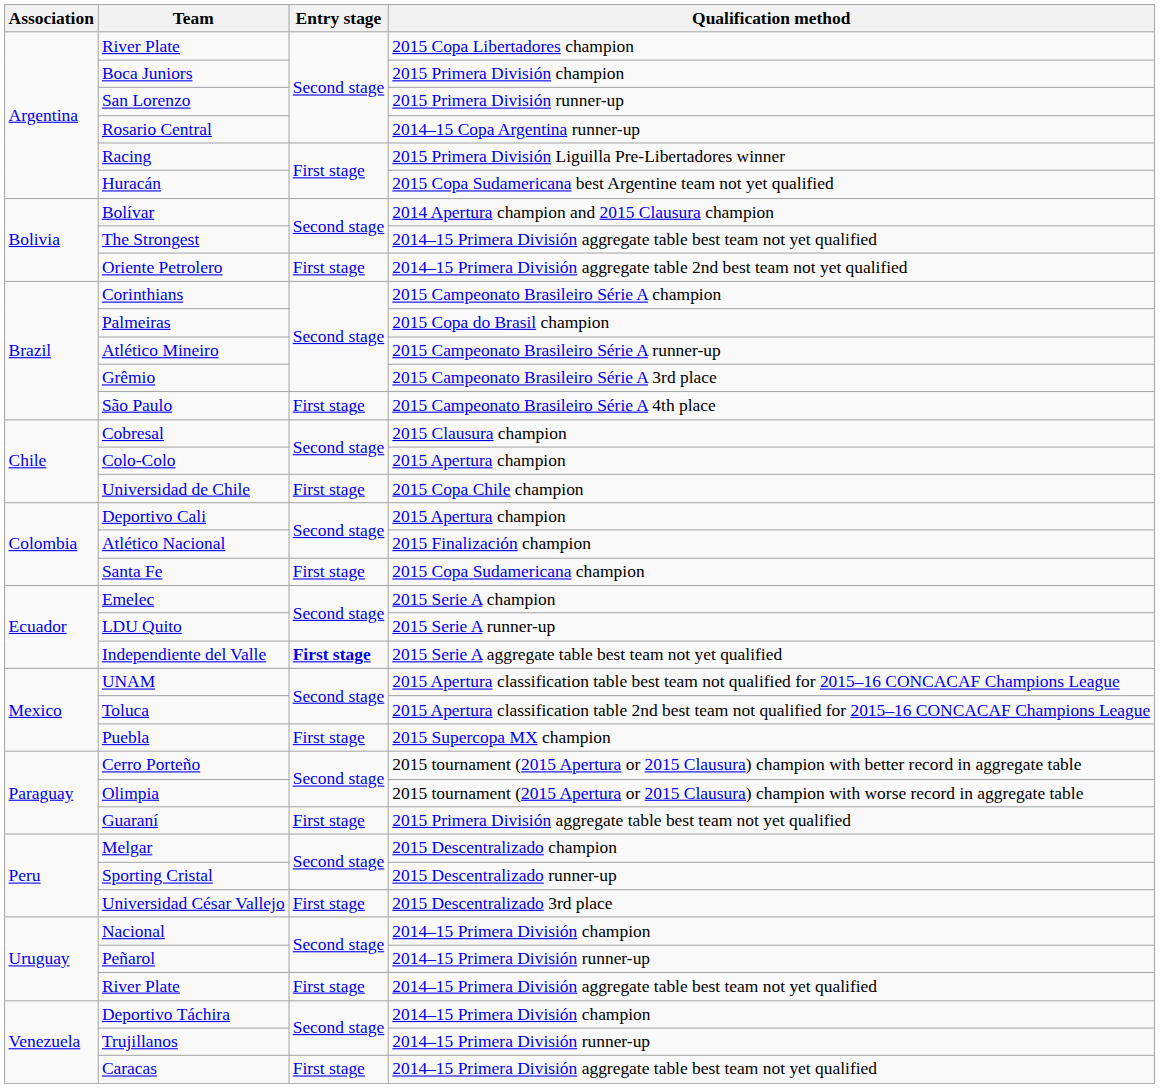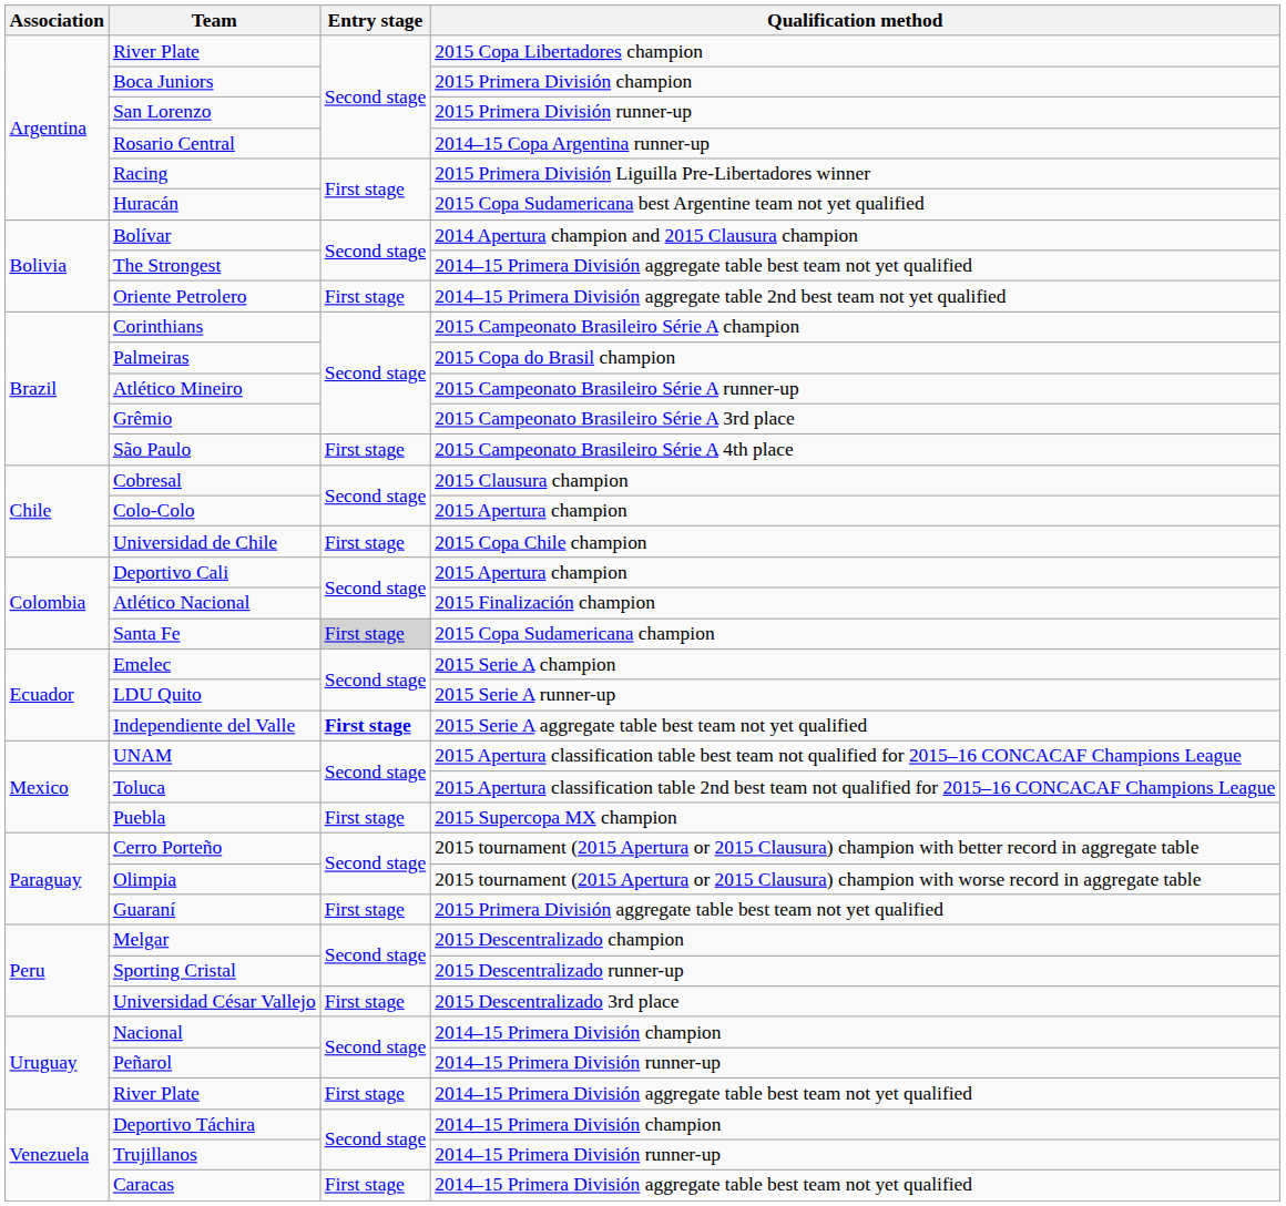 <table class="wikitable">
 <tr>
 <th>Association</th>
 <th>Team </th>
 <th>Entry stage</th>
 <th>Qualification method</th>
 </tr>
 <tr>
 <td rowspan=6> <a href='#'>Argentina</a><br></td>
 <td><a href='#'>River Plate</a> </td>
 <td rowspan=4><a href='#'>Second stage</a></td>
 <td><a href='#'>2015 Copa Libertadores</a> champion</td>
 </tr>
 <tr>
 <td><a href='#'>Boca Juniors</a> </td>
 <td><a href='#'>2015 Primera División</a> champion</td>
 </tr>
 <tr>
 <td><a href='#'>San Lorenzo</a> </td>
 <td><a href='#'>2015 Primera División</a> runner-up</td>
 </tr>
 <tr>
 <td><a href='#'>Rosario Central</a> </td>
 <td><a href='#'>2014–15 Copa Argentina</a> runner-up</td>
 </tr>
 <tr>
 <td><a href='#'>Racing</a> </td>
 <td rowspan=2><a href='#'>First stage</a></td>
 <td><a href='#'>2015 Primera División</a> Liguilla Pre-Libertadores winner</td>
 </tr>
 <tr>
 <td><a href='#'>Huracán</a> </td>
 <td><a href='#'>2015 Copa Sudamericana</a> best Argentine team not yet qualified</td>
 </tr>
 <tr>
 <td rowspan=3> <a href='#'>Bolivia</a><br></td>
 <td><a href='#'>Bolívar</a> </td>
 <td rowspan=2><a href='#'>Second stage</a></td>
 <td><a href='#'>2014 Apertura</a> champion and <a href='#'>2015 Clausura</a> champion</td>
 </tr>
 <tr>
 <td><a href='#'>The Strongest</a> </td>
 <td><a href='#'>2014–15 Primera División</a> aggregate table best team not yet qualified</td>
 </tr>
 <tr>
 <td><a href='#'>Oriente Petrolero</a> </td>
 <td><a href='#'>First stage</a></td>
 <td><a href='#'>2014–15 Primera División</a> aggregate table 2nd best team not yet qualified</td>
 </tr>
 <tr>
 <td rowspan=5> <a href='#'>Brazil</a><br></td>
 <td><a href='#'>Corinthians</a> </td>
 <td rowspan=4><a href='#'>Second stage</a></td>
 <td><a href='#'>2015 Campeonato Brasileiro Série A</a> champion</td>
 </tr>
 <tr>
 <td><a href='#'>Palmeiras</a> </td>
 <td><a href='#'>2015 Copa do Brasil</a> champion</td>
 </tr>
 <tr>
 <td><a href='#'>Atlético Mineiro</a> </td>
 <td><a href='#'>2015 Campeonato Brasileiro Série A</a> runner-up</td>
 </tr>
 <tr>
 <td><a href='#'>Grêmio</a> </td>
 <td><a href='#'>2015 Campeonato Brasileiro Série A</a> 3rd place</td>
 </tr>
 <tr>
 <td><a href='#'>São Paulo</a> </td>
 <td><a href='#'>First stage</a></td>
 <td><a href='#'>2015 Campeonato Brasileiro Série A</a> 4th place</td>
 </tr>
 <tr>
 <td rowspan=3> <a href='#'>Chile</a><br></td>
 <td><a href='#'>Cobresal</a> </td>
 <td rowspan=2><a href='#'>Second stage</a></td>
 <td><a href='#'>2015 Clausura</a> champion</td>
 </tr>
 <tr>
 <td><a href='#'>Colo-Colo</a> </td>
 <td><a href='#'>2015 Apertura</a> champion</td>
 </tr>
 <tr>
 <td><a href='#'>Universidad de Chile</a> </td>
 <td><a href='#'>First stage</a></td>
 <td><a href='#'>2015 Copa Chile</a> champion</td>
 </tr>
 <tr>
 <td rowspan=3> <a href='#'>Colombia</a><br></td>
 <td><a href='#'>Deportivo Cali</a> </td>
 <td rowspan=2><a href='#'>Second stage</a></td>
 <td><a href='#'>2015 Apertura</a> champion</td>
 </tr>
 <tr>
 <td><a href='#'>Atlético Nacional</a> </td>
 <td><a href='#'>2015 Finalización</a> champion</td>
 </tr>
 <tr>
 <td><a href='#'>Santa Fe</a> </td>
-<td><a href='#'>First stage</a></td>
+<td style="background: lightgrey;"><a href='#'>First stage</a></td>
 <td><a href='#'>2015 Copa Sudamericana</a> champion</td>
 </tr>
 <tr>
 <td rowspan=3> <a href='#'>Ecuador</a><br></td>
 <td><a href='#'>Emelec</a> </td>
 <td rowspan=2><a href='#'>Second stage</a></td>
 <td><a href='#'>2015 Serie A</a> champion</td>
 </tr>
 <tr>
 <td><a href='#'>LDU Quito</a> </td>
 <td><a href='#'>2015 Serie A</a> runner-up</td>
 </tr>
 <tr>
 <td><a href='#'>Independiente del Valle</a> </td>
 <td><strong><a href='#'>First stage</a></strong></td>
 <td><a href='#'>2015 Serie A</a> aggregate table best team not yet qualified</td>
 </tr>
 <tr>
 <td rowspan=3> <a href='#'>Mexico</a><br></td>
 <td><a href='#'>UNAM</a> </td>
 <td rowspan=2><a href='#'>Second stage</a></td>
 <td><a href='#'>2015 Apertura</a> classification table best team not qualified for <a href='#'>2015–16 CONCACAF Champions League</a></td>
 </tr>
 <tr>
 <td><a href='#'>Toluca</a> </td>
 <td><a href='#'>2015 Apertura</a> classification table 2nd best team not qualified for <a href='#'>2015–16 CONCACAF Champions League</a></td>
 </tr>
 <tr>
 <td><a href='#'>Puebla</a> </td>
 <td><a href='#'>First stage</a></td>
 <td><a href='#'>2015 Supercopa MX</a> champion</td>
 </tr>
 <tr>
 <td rowspan=3> <a href='#'>Paraguay</a><br></td>
 <td><a href='#'>Cerro Porteño</a> </td>
 <td rowspan=2><a href='#'>Second stage</a></td>
 <td>2015 tournament (<a href='#'>2015 Apertura</a> or <a href='#'>2015 Clausura</a>) champion with better record in aggregate table</td>
 </tr>
 <tr>
 <td><a href='#'>Olimpia</a> </td>
 <td>2015 tournament (<a href='#'>2015 Apertura</a> or <a href='#'>2015 Clausura</a>) champion with worse record in aggregate table</td>
 </tr>
 <tr>
 <td><a href='#'>Guaraní</a> </td>
 <td><a href='#'>First stage</a></td>
 <td><a href='#'>2015 Primera División</a> aggregate table best team not yet qualified</td>
 </tr>
 <tr>
 <td rowspan=3> <a href='#'>Peru</a><br></td>
 <td><a href='#'>Melgar</a> </td>
 <td rowspan=2><a href='#'>Second stage</a></td>
 <td><a href='#'>2015 Descentralizado</a> champion</td>
 </tr>
 <tr>
 <td><a href='#'>Sporting Cristal</a> </td>
 <td><a href='#'>2015 Descentralizado</a> runner-up</td>
 </tr>
 <tr>
 <td><a href='#'>Universidad César Vallejo</a> </td>
 <td><a href='#'>First stage</a></td>
 <td><a href='#'>2015 Descentralizado</a> 3rd place</td>
 </tr>
 <tr>
 <td rowspan=3> <a href='#'>Uruguay</a><br></td>
 <td><a href='#'>Nacional</a> </td>
 <td rowspan=2><a href='#'>Second stage</a></td>
 <td><a href='#'>2014–15 Primera División</a> champion</td>
 </tr>
 <tr>
 <td><a href='#'>Peñarol</a> </td>
 <td><a href='#'>2014–15 Primera División</a> runner-up</td>
 </tr>
 <tr>
 <td><a href='#'>River Plate</a> </td>
 <td><a href='#'>First stage</a></td>
 <td><a href='#'>2014–15 Primera División</a> aggregate table best team not yet qualified</td>
 </tr>
 <tr>
 <td rowspan=3> <a href='#'>Venezuela</a><br></td>
 <td><a href='#'>Deportivo Táchira</a> </td>
 <td rowspan=2><a href='#'>Second stage</a></td>
 <td><a href='#'>2014–15 Primera División</a> champion</td>
 </tr>
 <tr>
 <td><a href='#'>Trujillanos</a> </td>
 <td><a href='#'>2014–15 Primera División</a> runner-up</td>
 </tr>
 <tr>
 <td><a href='#'>Caracas</a> </td>
 <td><a href='#'>First stage</a></td>
 <td><a href='#'>2014–15 Primera División</a> aggregate table best team not yet qualified</td>
 </tr>
 </table>
